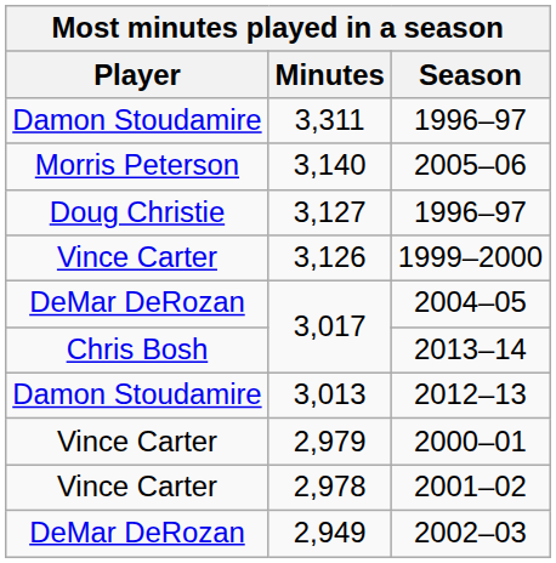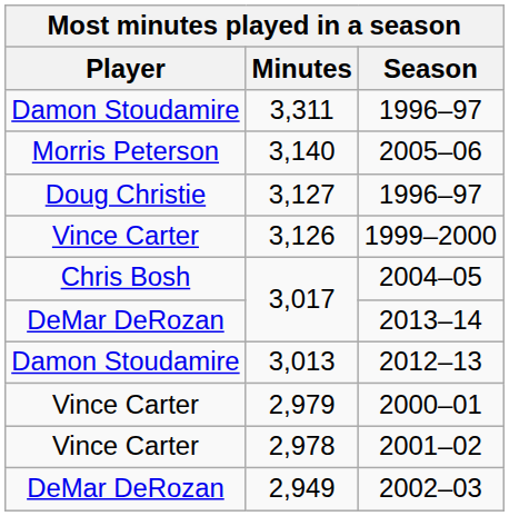 <table class="wikitable sortable" style="text-align:center">
 <tr>
 <th colspan="3">Most minutes played in a season</th>
 </tr>
 <tr>
 <th>Player</th>
 <th>Minutes</th>
 <th>Season</th>
 </tr>
 <tr>
 <td><a href='#'>Damon Stoudamire</a></td>
 <td>3,311</td>
 <td>1996–97</td>
 </tr>
 <tr>
 <td><a href='#'>Morris Peterson</a></td>
 <td>3,140</td>
 <td>2005–06</td>
 </tr>
 <tr>
 <td><a href='#'>Doug Christie</a></td>
 <td>3,127</td>
 <td>1996–97</td>
 </tr>
 <tr>
 <td><a href='#'>Vince Carter</a></td>
 <td>3,126</td>
 <td>1999–2000</td>
 </tr>
 <tr>
-<td><a href='#'>DeMar DeRozan</a></td>
+<td><a href='#'>Chris Bosh</a></td>
 <td rowspan=2>3,017</td>
 <td>2004–05</td>
 </tr>
 <tr>
-<td><a href='#'>Chris Bosh</a></td>
+<td><a href='#'>DeMar DeRozan</a></td>
 <td>2013–14</td>
 </tr>
 <tr>
 <td><a href='#'>Damon Stoudamire</a></td>
 <td>3,013</td>
 <td>2012–13</td>
 </tr>
 <tr>
 <td>Vince Carter</td>
 <td>2,979</td>
 <td>2000–01</td>
 </tr>
 <tr>
 <td>Vince Carter</td>
 <td>2,978</td>
 <td>2001–02</td>
 </tr>
 <tr>
 <td><a href='#'>DeMar DeRozan</a></td>
 <td>2,949</td>
 <td>2002–03</td>
 </tr>
 </table>
